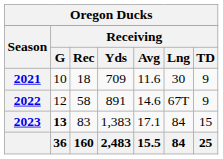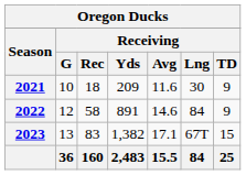 <table class="wikitable" style="text-align:center;">
 <tr>
 <th colspan="7">Oregon Ducks</th>
 </tr>
 <tr>
 </tr>
 <tr>
 <th rowspan="2">Season</th>
 <th colspan="6">Receiving</th>
 </tr>
 <tr>
 <th>G</th>
 <th>Rec</th>
 <th>Yds</th>
 <th>Avg</th>
 <th>Lng</th>
 <th>TD</th>
 </tr>
 <tr>
 <th><a href='#'>2021</a></th>
 <td>10</td>
 <td>18</td>
-<td>709</td>
+<td>209</td>
 <td>11.6</td>
 <td>30</td>
 <td>9</td>
 </tr>
 <tr>
 <th><a href='#'>2022</a></th>
 <td>12</td>
 <td>58</td>
 <td>891</td>
 <td>14.6</td>
-<td>67T</td>
+<td>84</td>
 <td>9</td>
 </tr>
 <tr>
 <th><a href='#'>2023</a></th>
-<td><strong>13</strong></td>
+<td>13</td>
 <td>83</td>
-<td>1,383</td>
+<td>1,382</td>
 <td>17.1</td>
-<td>84</td>
+<td>67T</td>
 <td>15</td>
 </tr>
 <tr>
 <th></th>
 <th>36</th>
 <th>160</th>
 <th>2,483</th>
 <th>15.5</th>
 <th>84</th>
 <th>25</th>
 </tr>
 </table>
